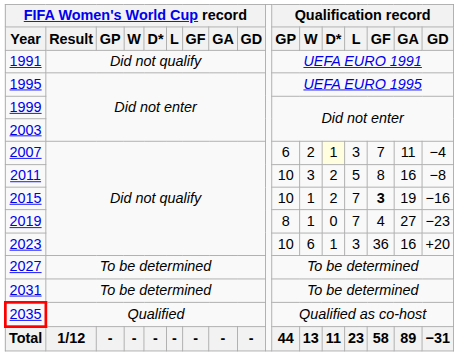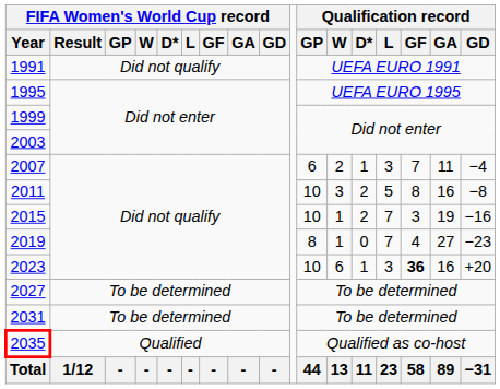 <table class="wikitable" style="text-align: center;">
 <tr>
 <th colspan=9><a href='#'>FIFA Women's World Cup</a> record</th>
 <td rowspan=15></td>
 <th colspan=9>Qualification record</th>
 </tr>
 <tr>
 <th>Year</th>
 <th>Result</th>
 <th>GP</th>
 <th>W</th>
 <th>D*</th>
 <th>L</th>
 <th>GF</th>
 <th>GA</th>
 <th>GD</th>
 <th>GP</th>
 <th>W</th>
 <th>D*</th>
 <th>L</th>
 <th>GF</th>
 <th>GA</th>
 <th>GD</th>
 </tr>
 <tr>
 <td> <a href='#'>1991</a></td>
 <td colspan=8><em>Did not qualify</em></td>
 <td colspan=7><a href='#'><em>UEFA EURO 1991</em></a></td>
 </tr>
 <tr>
 <td> <a href='#'>1995</a></td>
 <td colspan=8 rowspan=3><em>Did not enter</em></td>
 <td colspan=7><a href='#'><em>UEFA EURO 1995</em></a></td>
 </tr>
 <tr>
 <td> <a href='#'>1999</a></td>
 <td colspan=7 rowspan=2><em>Did not enter</em></td>
 </tr>
 <tr>
 <td> <a href='#'>2003</a></td>
 </tr>
 <tr>
 <td> <a href='#'>2007</a></td>
 <td colspan=8 rowspan=5><em>Did not qualify</em></td>
 <td>6</td>
 <td>2</td>
-<td style="background: lightyellow;">1</td>
+<td>1</td>
 <td>3</td>
 <td>7</td>
 <td>11</td>
 <td>−4</td>
 </tr>
 <tr>
 <td> <a href='#'>2011</a></td>
 <td>10</td>
 <td>3</td>
 <td>2</td>
 <td>5</td>
 <td>8</td>
 <td>16</td>
 <td>−8</td>
 </tr>
 <tr>
 <td> <a href='#'>2015</a></td>
 <td>10</td>
 <td>1</td>
 <td>2</td>
 <td>7</td>
-<td><strong>3</strong></td>
+<td>3</td>
 <td>19</td>
 <td>−16</td>
 </tr>
 <tr>
 <td> <a href='#'>2019</a></td>
 <td>8</td>
 <td>1</td>
 <td>0</td>
 <td>7</td>
 <td>4</td>
 <td>27</td>
 <td>−23</td>
 </tr>
 <tr>
 <td> <a href='#'>2023</a></td>
 <td>10</td>
 <td>6</td>
 <td>1</td>
 <td>3</td>
-<td>36</td>
+<td><strong>36</strong></td>
 <td>16</td>
 <td>+20</td>
 </tr>
 <tr>
 <td> <a href='#'>2027</a></td>
 <td colspan=8><em>To be determined</em></td>
 <td colspan=7><em>To be determined</em></td>
 </tr>
 <tr>
 <td> <a href='#'>2031</a></td>
 <td colspan=8><em>To be determined</em></td>
 <td colspan=7><em>To be determined</em></td>
 </tr>
 <tr>
 <td style="border: 3px solid red"> <a href='#'>2035</a></td>
 <td colspan=8><em>Qualified</em></td>
 <td colspan=7><em>Qualified as co-host</em></td>
 </tr>
 <tr>
 <th>Total</th>
 <th>1/12</th>
 <th>-</th>
 <th>-</th>
 <th>-</th>
 <th>-</th>
 <th>-</th>
 <th>-</th>
 <th>-</th>
 <th>44</th>
 <th>13</th>
 <th>11</th>
 <th>23</th>
 <th>58</th>
 <th>89</th>
 <th>−31</th>
 </tr>
 </table>
